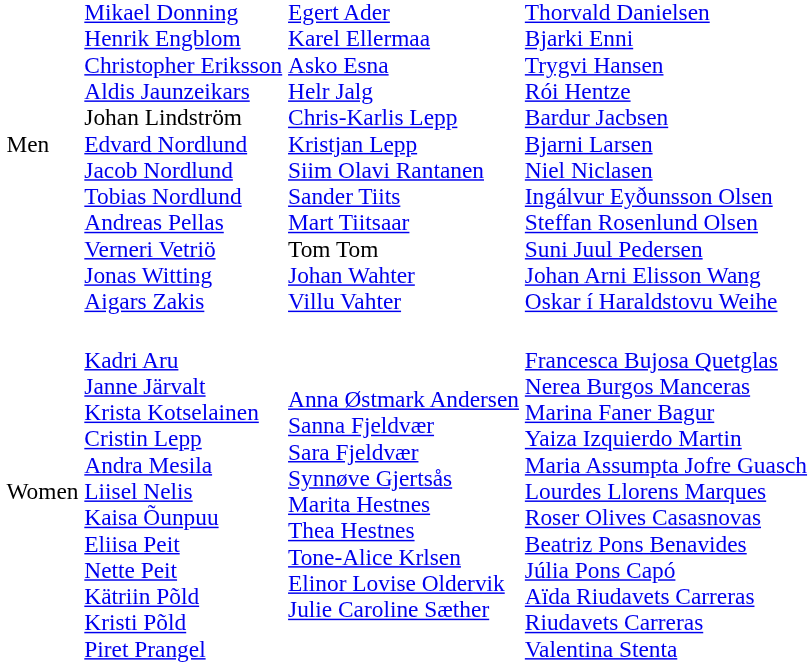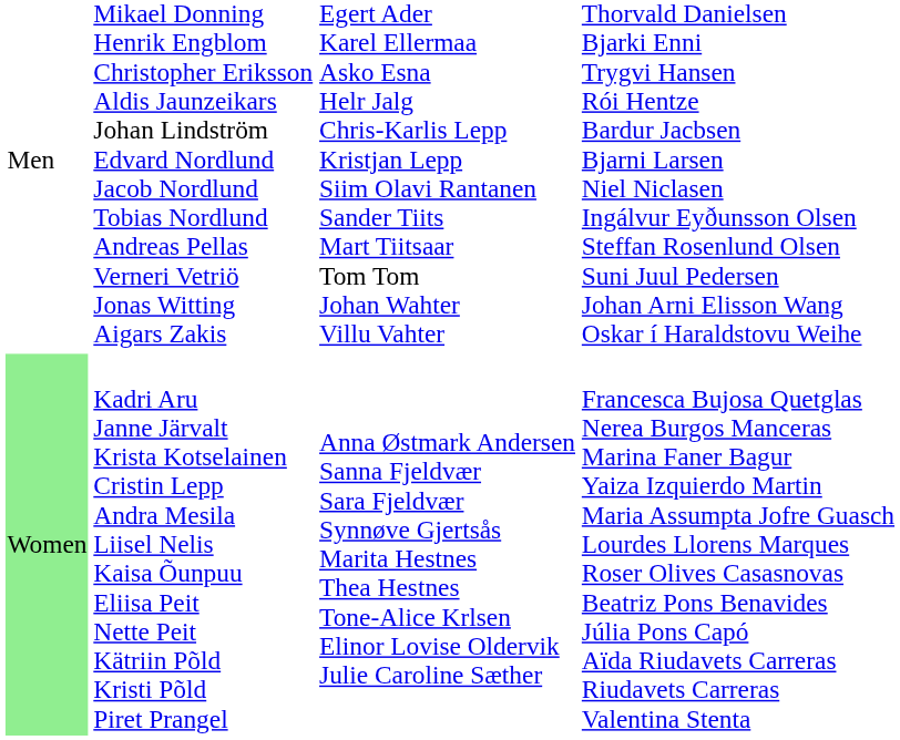 <table>
 <tr>
 <td>Men</td>
 <td><br><a href='#'>Mikael Donning</a><br><a href='#'>Henrik Engblom</a><br><a href='#'>Christopher Eriksson</a><br><a href='#'>Aldis Jaunzeikars</a><br>Johan Lindström<br><a href='#'>Edvard Nordlund</a><br><a href='#'>Jacob Nordlund</a><br><a href='#'>Tobias Nordlund</a><br><a href='#'>Andreas Pellas</a><br><a href='#'>Verneri Vetriö</a><br><a href='#'>Jonas Witting</a><br><a href='#'>Aigars Zakis</a></td>
 <td><br><a href='#'>Egert Ader</a><br><a href='#'>Karel Ellermaa</a><br><a href='#'>Asko Esna</a><br><a href='#'>Helr Jalg</a><br><a href='#'>Chris-Karlis Lepp</a><br><a href='#'>Kristjan Lepp</a><br><a href='#'>Siim Olavi Rantanen</a><br><a href='#'>Sander Tiits</a><br><a href='#'>Mart Tiitsaar</a><br>Tom Tom<br><a href='#'>Johan Wahter</a><br><a href='#'>Villu Vahter</a></td>
 <td><br><a href='#'>Thorvald Danielsen</a><br><a href='#'>Bjarki Enni</a><br><a href='#'>Trygvi Hansen</a><br><a href='#'>Rói Hentze</a><br><a href='#'>Bardur Jacbsen</a><br><a href='#'>Bjarni Larsen</a><br><a href='#'>Niel Niclasen</a><br><a href='#'>Ingálvur Eyðunsson Olsen</a><br><a href='#'>Steffan Rosenlund Olsen</a><br><a href='#'>Suni Juul Pedersen</a><br><a href='#'>Johan Arni Elisson Wang</a><br><a href='#'>Oskar í Haraldstovu Weihe</a></td>
 </tr>
 <tr>
-<td>Women</td>
+<td style="background: lightgreen;">Women</td>
 <td><br><a href='#'>Kadri Aru</a><br><a href='#'>Janne Järvalt</a><br><a href='#'>Krista Kotselainen</a><br><a href='#'>Cristin Lepp</a><br><a href='#'>Andra Mesila</a><br><a href='#'>Liisel Nelis</a><br><a href='#'>Kaisa Õunpuu</a><br><a href='#'>Eliisa Peit</a><br><a href='#'>Nette Peit</a><br><a href='#'>Kätriin Põld</a><br><a href='#'>Kristi Põld</a><br><a href='#'>Piret Prangel</a></td>
 <td><br><a href='#'>Anna Østmark Andersen</a><br><a href='#'>Sanna Fjeldvær</a><br><a href='#'>Sara Fjeldvær</a><br><a href='#'>Synnøve Gjertsås</a><br><a href='#'>Marita Hestnes</a><br><a href='#'>Thea Hestnes</a><br><a href='#'>Tone-Alice Krlsen</a><br><a href='#'>Elinor Lovise Oldervik</a><br><a href='#'>Julie Caroline Sæther</a></td>
 <td><br><a href='#'>Francesca Bujosa Quetglas</a><br><a href='#'>Nerea Burgos Manceras</a><br><a href='#'>Marina Faner Bagur</a><br><a href='#'>Yaiza Izquierdo Martin</a><br><a href='#'>Maria Assumpta Jofre Guasch</a><br><a href='#'>Lourdes Llorens Marques</a><br><a href='#'>Roser Olives Casasnovas</a><br><a href='#'>Beatriz Pons Benavides</a><br><a href='#'>Júlia Pons Capó</a><br><a href='#'>Aïda Riudavets Carreras</a><br><a href='#'>Riudavets Carreras</a><br><a href='#'>Valentina Stenta</a></td>
 </tr>
 <tr>
 </tr>
 </table>
